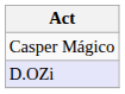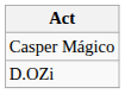 <table class="wikitable">
 <tr style="background:#ccc;">
 <th style="text-align:center;">Act</th>
 </tr>
 <tr>
 <td>Casper Mágico</td>
 </tr>
 <tr>
-<td style="background: lavender;">D.OZi</td>
+<td>D.OZi</td>
 </tr>
 <tr>
 </tr>
 </table>
